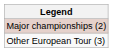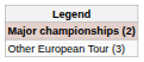 <table class="wikitable" style="font-size:95%;">
 <tr>
 <th>Legend</th>
 </tr>
 <tr style="background:#e5d1cb;">
-<td>Major championships (2)</td>
+<td><strong>Major championships (2)</strong></td>
 </tr>
 <tr>
 <td>Other European Tour (3)</td>
 </tr>
 </table>
